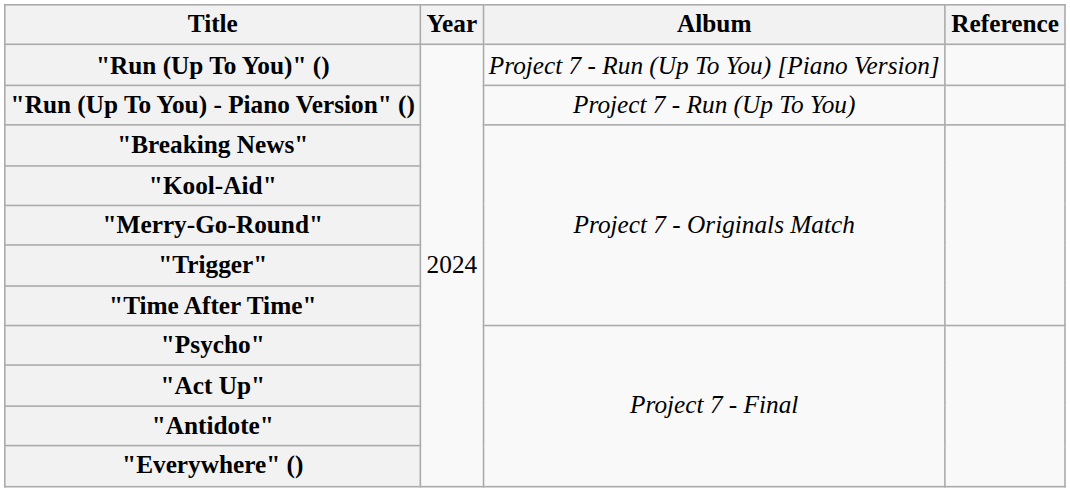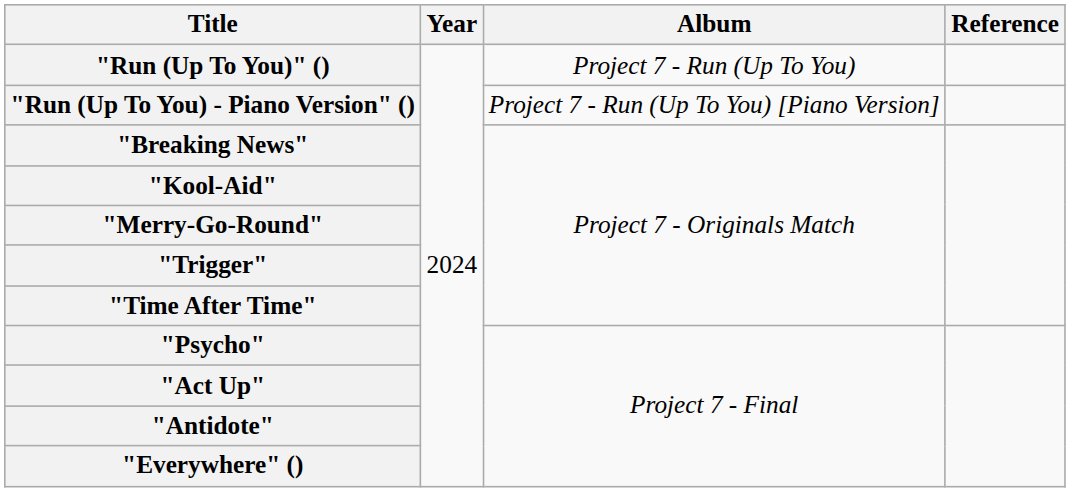 <table class="wikitable plainrowheaders" style="text-align:center">
 <tr>
 <th scope="col">Title</th>
 <th scope="col">Year</th>
 <th scope="col">Album</th>
 <th scope="col">Reference</th>
 </tr>
 <tr>
 <th scope="row">"Run (Up To You)" ()</th>
 <td rowspan="11">2024</td>
-<td><em>Project 7 - Run (Up To You) [Piano Version]</em></td>
+<td><em>Project 7 - Run (Up To You)</em></td>
 <td></td>
 </tr>
 <tr>
 <th scope="row">"Run (Up To You) - Piano Version" ()</th>
-<td><em>Project 7 - Run (Up To You)</em></td>
+<td><em>Project 7 - Run (Up To You) [Piano Version]</em></td>
 <td></td>
 </tr>
 <tr>
 <th scope="row">"Breaking News"</th>
 <td rowspan="5"><em>Project 7 - Originals Match</em></td>
 <td rowspan="5"></td>
 </tr>
 <tr>
 <th scope="row">"Kool-Aid"</th>
 </tr>
 <tr>
 <th scope="row">"Merry-Go-Round"</th>
 </tr>
 <tr>
 <th scope="row">"Trigger"</th>
 </tr>
 <tr>
 <th scope="row">"Time After Time"</th>
 </tr>
 <tr>
 <th scope="row">"Psycho"</th>
 <td rowspan="4"><em>Project 7 - Final</em></td>
 <td rowspan="4"></td>
 </tr>
 <tr>
 <th scope="row">"Act Up"</th>
 </tr>
 <tr>
 <th scope="row">"Antidote"</th>
 </tr>
 <tr>
 <th scope="row">"Everywhere" ()</th>
 </tr>
 </table>
